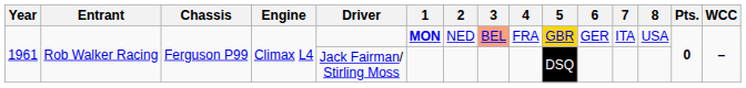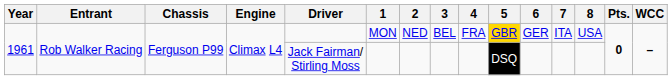 <table class="wikitable" style="text-align:center; font-size:95%">
 <tr>
 <th>Year</th>
 <th>Entrant</th>
 <th>Chassis</th>
 <th>Engine</th>
 <th>Driver</th>
 <th>1</th>
 <th>2</th>
 <th>3</th>
 <th>4</th>
 <th>5</th>
 <th>6</th>
 <th>7</th>
 <th>8</th>
 <th>Pts.</th>
 <th>WCC</th>
 </tr>
 <tr>
 <td rowspan="2"><a href='#'>1961</a></td>
 <td rowspan="2"><a href='#'>Rob Walker Racing</a></td>
 <td rowspan="2"><a href='#'>Ferguson P99</a></td>
 <td rowspan="2"><a href='#'>Climax</a> <a href='#'>L4</a></td>
 <td></td>
-<td><strong><a href='#'>MON</a></strong></td>
+<td><a href='#'>MON</a></td>
 <td><a href='#'>NED</a></td>
-<td style="background: lightsalmon;"><a href='#'>BEL</a></td>
+<td><a href='#'>BEL</a></td>
 <td><a href='#'>FRA</a></td>
 <td style="background: gold;"><a href='#'>GBR</a></td>
 <td><a href='#'>GER</a></td>
 <td><a href='#'>ITA</a></td>
 <td><a href='#'>USA</a></td>
 <td rowspan="2"><strong>0</strong></td>
 <td rowspan="2"><strong>–</strong></td>
 </tr>
 <tr>
 <td><a href='#'>Jack Fairman</a>/<br><a href='#'>Stirling Moss</a></td>
 <td></td>
 <td></td>
 <td></td>
 <td></td>
 <td style="background:#000000; color:white">DSQ</td>
 <td></td>
 <td></td>
 <td></td>
 </tr>
 </table>
